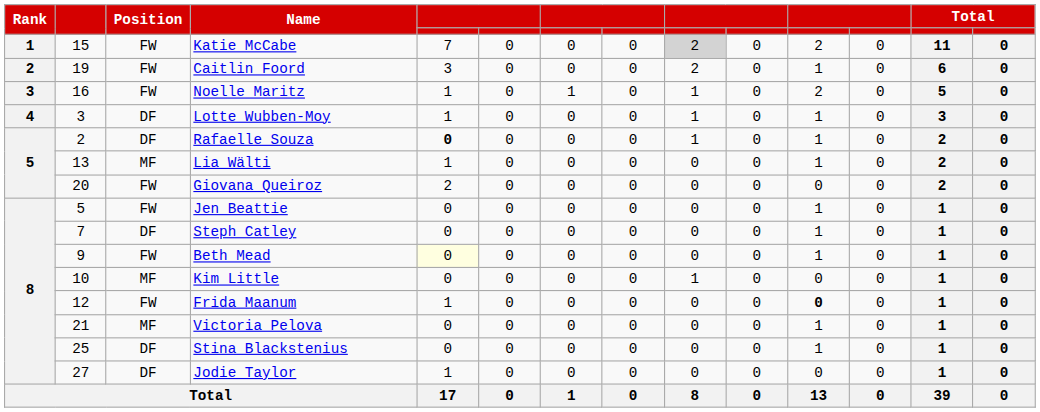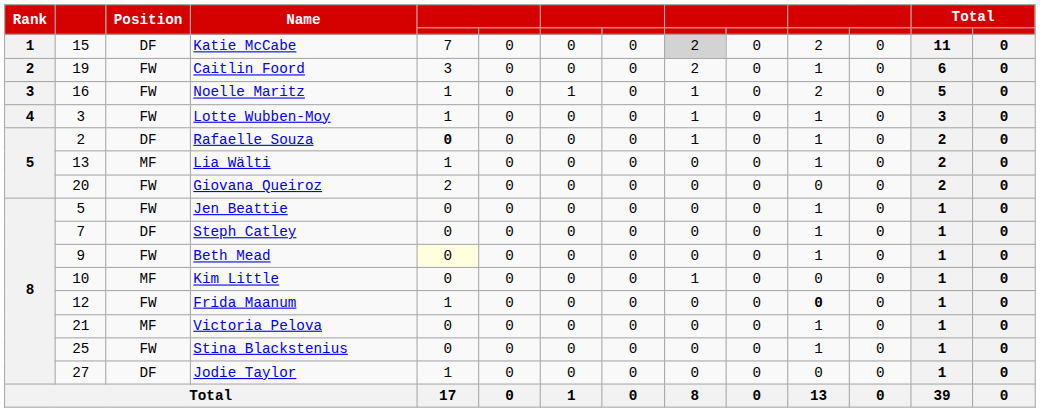 <table class="wikitable sortable" style="text-align:center; font-size:100%; ">
 <tr>
 <th style="background:#d50000; color:white; text-align:center; width:40px;" rowspan="2">Rank</th>
 <th style="background:#d50000; color:white; text-align:center; width:40px;" rowspan="2"></th>
 <th style="background:#d50000; color:white; text-align:center; width:70px;" rowspan="2">Position</th>
 <th style="background:#d50000; color:white; text-align:center; width:200px;" rowspan="2">Name</th>
 <th style="background:#d50000; color:white; text-align:center;" colspan="2"><a href='#'></a></th>
 <th style="background:#d50000; color:white; text-align:center;" colspan="2"><a href='#'></a></th>
 <th style="background:#d50000; color:white; text-align:center;" colspan="2"><a href='#'></a></th>
 <th style="background:#d50000; color:white; text-align:center;" colspan="2"><a href='#'></a></th>
 <th style="background:#d50000; color:white; text-align:center;" colspan="2">Total</th>
 </tr>
 <tr>
 <th style="background:#d50000; color:white; text-align:center; width:50px;"></th>
 <th style="background:#d50000; color:white; text-align:center; width:50px;"></th>
 <th style="background:#d50000; color:white; text-align:center; width:50px;"></th>
 <th style="background:#d50000; color:white; text-align:center; width:50px;"></th>
 <th style="background:#d50000; color:white; text-align:center; width:50px;"></th>
 <th style="background:#d50000; color:white; text-align:center; width:50px;"></th>
 <th style="background:#d50000; color:white; text-align:center; width:50px;"></th>
 <th style="background:#d50000; color:white; text-align:center; width:50px;"></th>
 <th style="background:#d50000; color:white; text-align:center; width:50px;"></th>
 <th style="background:#d50000; color:white; text-align:center; width:50px;"></th>
 </tr>
 <tr>
 <th>1</th>
 <td>15</td>
-<td>FW</td>
+<td>DF</td>
 <td align="left"> <a href='#'>Katie McCabe</a></td>
 <td>7</td>
 <td>0</td>
 <td>0</td>
 <td>0</td>
 <td style="background: lightgrey;">2</td>
 <td>0</td>
 <td>2</td>
 <td>0</td>
 <th>11</th>
 <th>0</th>
 </tr>
 <tr>
 <th>2</th>
 <td>19</td>
 <td>FW</td>
 <td align="left"> <a href='#'>Caitlin Foord</a></td>
 <td>3</td>
 <td>0</td>
 <td>0</td>
 <td>0</td>
 <td>2</td>
 <td>0</td>
 <td>1</td>
 <td>0</td>
 <th>6</th>
 <th>0</th>
 </tr>
 <tr>
 <th>3</th>
 <td>16</td>
 <td>FW</td>
 <td align="left"> <a href='#'>Noelle Maritz</a></td>
 <td>1</td>
 <td>0</td>
 <td>1</td>
 <td>0</td>
 <td>1</td>
 <td>0</td>
 <td>2</td>
 <td>0</td>
 <th>5</th>
 <th>0</th>
 </tr>
 <tr>
 <th>4</th>
 <td>3</td>
-<td>DF</td>
+<td>FW</td>
 <td align="left"> <a href='#'>Lotte Wubben-Moy</a></td>
 <td>1</td>
 <td>0</td>
 <td>0</td>
 <td>0</td>
 <td>1</td>
 <td>0</td>
 <td>1</td>
 <td>0</td>
 <th>3</th>
 <th>0</th>
 </tr>
 <tr>
 <th rowspan="3">5</th>
 <td>2</td>
 <td>DF</td>
 <td align="left"> <a href='#'>Rafaelle Souza</a></td>
 <td><strong>0</strong></td>
 <td>0</td>
 <td>0</td>
 <td>0</td>
 <td>1</td>
 <td>0</td>
 <td>1</td>
 <td>0</td>
 <th>2</th>
 <th>0</th>
 </tr>
 <tr>
 <td>13</td>
 <td>MF</td>
 <td align="left"> <a href='#'>Lia Wälti</a></td>
 <td>1</td>
 <td>0</td>
 <td>0</td>
 <td>0</td>
 <td>0</td>
 <td>0</td>
 <td>1</td>
 <td>0</td>
 <th>2</th>
 <th>0</th>
 </tr>
 <tr>
 <td>20</td>
 <td>FW</td>
 <td align="left"> <a href='#'>Giovana Queiroz</a></td>
 <td>2</td>
 <td>0</td>
 <td>0</td>
 <td>0</td>
 <td>0</td>
 <td>0</td>
 <td>0</td>
 <td>0</td>
 <th>2</th>
 <th>0</th>
 </tr>
 <tr>
 <th rowspan="8">8</th>
 <td>5</td>
 <td>FW</td>
 <td align="left"> <a href='#'>Jen Beattie</a></td>
 <td>0</td>
 <td>0</td>
 <td>0</td>
 <td>0</td>
 <td>0</td>
 <td>0</td>
 <td>1</td>
 <td>0</td>
 <th>1</th>
 <th>0</th>
 </tr>
 <tr>
 <td>7</td>
 <td>DF</td>
 <td align="left"> <a href='#'>Steph Catley</a></td>
 <td>0</td>
 <td>0</td>
 <td>0</td>
 <td>0</td>
 <td>0</td>
 <td>0</td>
 <td>1</td>
 <td>0</td>
 <th>1</th>
 <th>0</th>
 </tr>
 <tr>
 <td>9</td>
 <td>FW</td>
 <td align="left"> <a href='#'>Beth Mead</a></td>
 <td style="background: lightyellow;">0</td>
 <td>0</td>
 <td>0</td>
 <td>0</td>
 <td>0</td>
 <td>0</td>
 <td>1</td>
 <td>0</td>
 <th>1</th>
 <th>0</th>
 </tr>
 <tr>
 <td>10</td>
 <td>MF</td>
 <td align="left"> <a href='#'>Kim Little</a></td>
 <td>0</td>
 <td>0</td>
 <td>0</td>
 <td>0</td>
 <td>1</td>
 <td>0</td>
 <td>0</td>
 <td>0</td>
 <th>1</th>
 <th>0</th>
 </tr>
 <tr>
 <td>12</td>
 <td>FW</td>
 <td align="left"> <a href='#'>Frida Maanum</a></td>
 <td>1</td>
 <td>0</td>
 <td>0</td>
 <td>0</td>
 <td>0</td>
 <td>0</td>
 <td><strong>0</strong></td>
 <td>0</td>
 <th>1</th>
 <th>0</th>
 </tr>
 <tr>
 <td>21</td>
 <td>MF</td>
 <td align="left"> <a href='#'>Victoria Pelova</a></td>
 <td>0</td>
 <td>0</td>
 <td>0</td>
 <td>0</td>
 <td>0</td>
 <td>0</td>
 <td>1</td>
 <td>0</td>
 <th>1</th>
 <th>0</th>
 </tr>
 <tr>
 <td>25</td>
-<td>DF</td>
+<td>FW</td>
 <td align="left"> <a href='#'>Stina Blackstenius</a></td>
 <td>0</td>
 <td>0</td>
 <td>0</td>
 <td>0</td>
 <td>0</td>
 <td>0</td>
 <td>1</td>
 <td>0</td>
 <th>1</th>
 <th>0</th>
 </tr>
 <tr>
 <td>27</td>
 <td>DF</td>
 <td align="left"> <a href='#'>Jodie Taylor</a></td>
 <td>1</td>
 <td>0</td>
 <td>0</td>
 <td>0</td>
 <td>0</td>
 <td>0</td>
 <td>0</td>
 <td>0</td>
 <th>1</th>
 <th>0</th>
 </tr>
 <tr>
 <th colspan="4">Total</th>
 <th>17</th>
 <th>0</th>
 <th>1</th>
 <th>0</th>
 <th>8</th>
 <th>0</th>
 <th>13</th>
 <th>0</th>
 <th>39</th>
 <th>0</th>
 </tr>
 </table>
